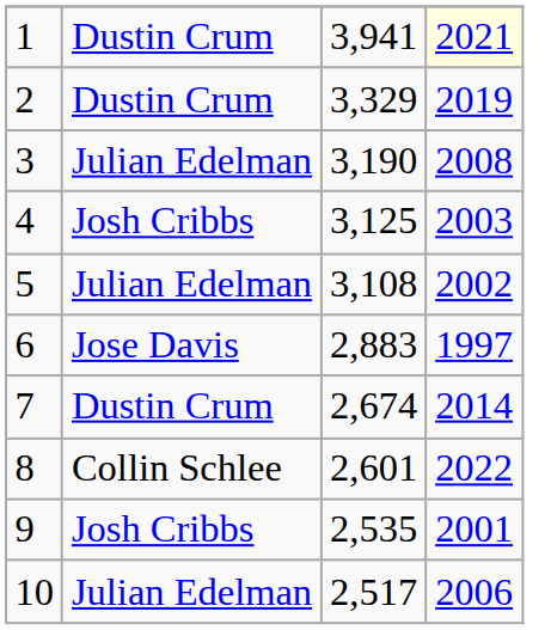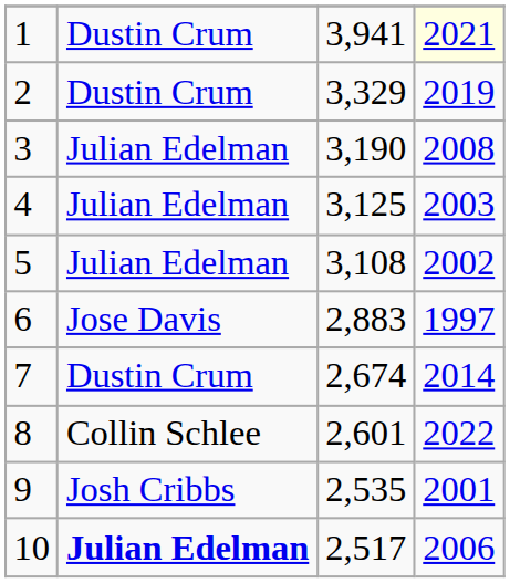 <table class="wikitable" style="display:inline-table;">
 <tr>
 </tr>
 <tr>
 <td>1</td>
 <td><a href='#'>Dustin Crum</a></td>
 <td><abbr>3,941</abbr></td>
 <td style="background: lightyellow;"><a href='#'>2021</a></td>
 </tr>
 <tr>
 <td>2</td>
 <td><a href='#'>Dustin Crum</a></td>
 <td><abbr>3,329</abbr></td>
 <td><a href='#'>2019</a></td>
 </tr>
 <tr>
 <td>3</td>
 <td><a href='#'>Julian Edelman</a></td>
 <td><abbr>3,190</abbr></td>
 <td><a href='#'>2008</a></td>
 </tr>
 <tr>
 <td>4</td>
-<td><a href='#'>Josh Cribbs</a></td>
+<td><a href='#'>Julian Edelman</a></td>
 <td><abbr>3,125</abbr></td>
 <td><a href='#'>2003</a></td>
 </tr>
 <tr>
 <td>5</td>
 <td><a href='#'>Julian Edelman</a></td>
 <td><abbr>3,108</abbr></td>
 <td><a href='#'>2002</a></td>
 </tr>
 <tr>
 <td>6</td>
 <td><a href='#'>Jose Davis</a></td>
 <td><abbr>2,883</abbr></td>
 <td><a href='#'>1997</a></td>
 </tr>
 <tr>
 <td>7</td>
 <td><a href='#'>Dustin Crum</a></td>
 <td><abbr>2,674</abbr></td>
 <td><a href='#'>2014</a></td>
 </tr>
 <tr>
 <td>8</td>
 <td>Collin Schlee</td>
 <td><abbr>2,601</abbr></td>
 <td><a href='#'>2022</a></td>
 </tr>
 <tr>
 <td>9</td>
 <td><a href='#'>Josh Cribbs</a></td>
 <td><abbr>2,535</abbr></td>
 <td><a href='#'>2001</a></td>
 </tr>
 <tr>
 <td>10</td>
-<td><a href='#'>Julian Edelman</a></td>
+<td><strong><a href='#'>Julian Edelman</a></strong></td>
 <td><abbr>2,517</abbr></td>
 <td><a href='#'>2006</a></td>
 </tr>
 </table>
